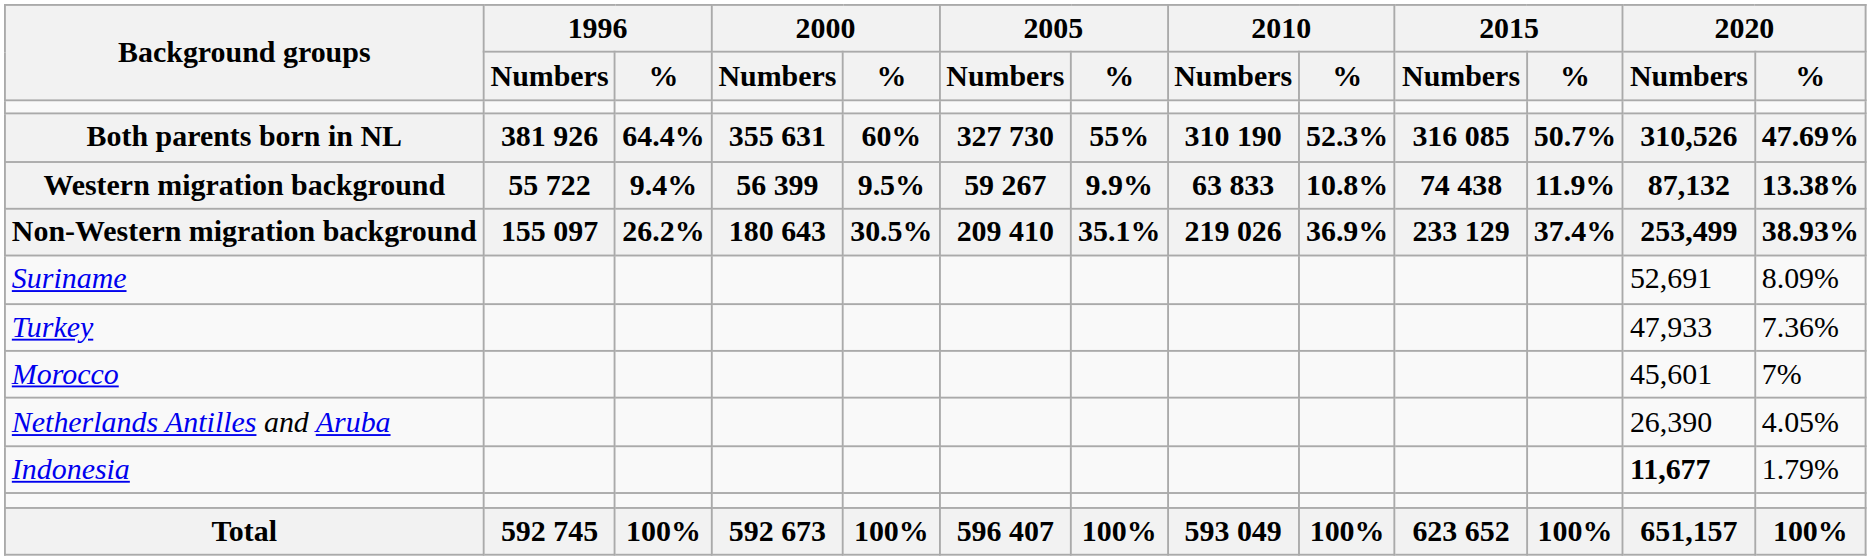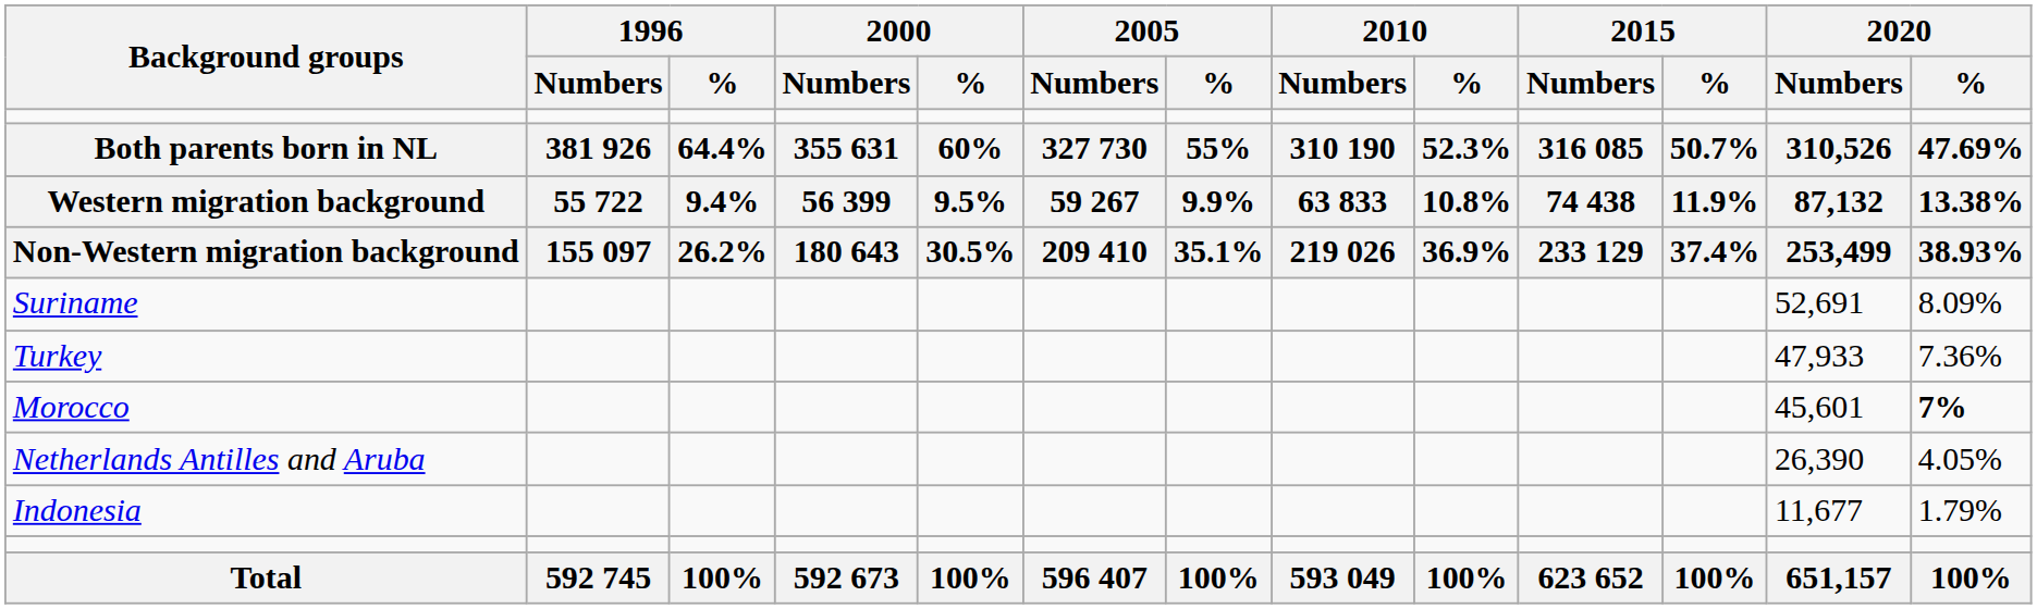 <table class="wikitable">
 <tr>
 <th rowspan="2">Background groups</th>
 <th colspan="2">1996</th>
 <th colspan="2">2000</th>
 <th colspan="2">2005</th>
 <th colspan="2">2010</th>
 <th colspan="2">2015</th>
 <th colspan="2">2020</th>
 </tr>
 <tr>
 <th>Numbers</th>
 <th>%</th>
 <th>Numbers</th>
 <th>%</th>
 <th>Numbers</th>
 <th>%</th>
 <th>Numbers</th>
 <th>%</th>
 <th>Numbers</th>
 <th>%</th>
 <th>Numbers</th>
 <th>%</th>
 </tr>
 <tr>
 <td></td>
 <td></td>
 <td></td>
 <td></td>
 <td></td>
 <td></td>
 <td></td>
 <td></td>
 <td></td>
 <td></td>
 <td></td>
 <td></td>
 <td></td>
 </tr>
 <tr>
 <th>Both parents born in NL</th>
 <th>381 926</th>
 <th>64.4%</th>
 <th>355 631</th>
 <th>60%</th>
 <th>327 730</th>
 <th>55%</th>
 <th>310 190</th>
 <th>52.3%</th>
 <th>316 085</th>
 <th>50.7%</th>
 <th>310,526</th>
 <th>47.69%</th>
 </tr>
 <tr>
 <th>Western migration background</th>
 <th>55 722</th>
 <th>9.4%</th>
 <th>56 399</th>
 <th>9.5%</th>
 <th>59 267</th>
 <th>9.9%</th>
 <th>63 833</th>
 <th>10.8%</th>
 <th>74 438</th>
 <th>11.9%</th>
 <th>87,132</th>
 <th>13.38%</th>
 </tr>
 <tr>
 <th>Non-Western migration background</th>
 <th>155 097</th>
 <th>26.2%</th>
 <th>180 643</th>
 <th>30.5%</th>
 <th>209 410</th>
 <th>35.1%</th>
 <th>219 026</th>
 <th>36.9%</th>
 <th>233 129</th>
 <th>37.4%</th>
 <th>253,499</th>
 <th>38.93%</th>
 </tr>
 <tr>
 <td><em><a href='#'>Suriname</a></em></td>
 <td></td>
 <td></td>
 <td></td>
 <td></td>
 <td></td>
 <td></td>
 <td></td>
 <td></td>
 <td></td>
 <td></td>
 <td>52,691</td>
 <td>8.09%</td>
 </tr>
 <tr>
 <td><em><a href='#'>Turkey</a></em></td>
 <td></td>
 <td></td>
 <td></td>
 <td></td>
 <td></td>
 <td></td>
 <td></td>
 <td></td>
 <td></td>
 <td></td>
 <td>47,933</td>
 <td>7.36%</td>
 </tr>
 <tr>
 <td><em><a href='#'>Morocco</a></em></td>
 <td></td>
 <td></td>
 <td></td>
 <td></td>
 <td></td>
 <td></td>
 <td></td>
 <td></td>
 <td></td>
 <td></td>
 <td>45,601</td>
-<td>7%</td>
+<td><strong>7%</strong></td>
 </tr>
 <tr>
 <td><em><a href='#'>Netherlands Antilles</a> and <a href='#'>Aruba</a></em></td>
 <td></td>
 <td></td>
 <td></td>
 <td></td>
 <td></td>
 <td></td>
 <td></td>
 <td></td>
 <td></td>
 <td></td>
 <td>26,390</td>
 <td>4.05%</td>
 </tr>
 <tr>
 <td><em><a href='#'>Indonesia</a></em></td>
 <td></td>
 <td></td>
 <td></td>
 <td></td>
 <td></td>
 <td></td>
 <td></td>
 <td></td>
 <td></td>
 <td></td>
-<td><strong>11,677</strong></td>
+<td>11,677</td>
 <td>1.79%</td>
 </tr>
 <tr>
 <td></td>
 <td></td>
 <td></td>
 <td></td>
 <td></td>
 <td></td>
 <td></td>
 <td></td>
 <td></td>
 <td></td>
 <td></td>
 <td></td>
 <td></td>
 </tr>
 <tr>
 <th>Total</th>
 <th>592 745</th>
 <th>100%</th>
 <th>592 673</th>
 <th>100%</th>
 <th>596 407</th>
 <th>100%</th>
 <th>593 049</th>
 <th>100%</th>
 <th>623 652</th>
 <th>100%</th>
 <th>651,157</th>
 <th>100%</th>
 </tr>
 </table>
